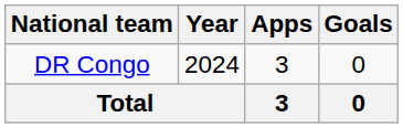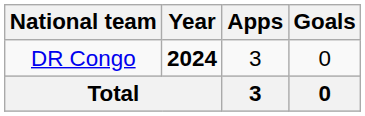 <table class="wikitable" style="text-align: center;">
 <tr>
 <th>National team</th>
 <th>Year</th>
 <th>Apps</th>
 <th>Goals</th>
 </tr>
 <tr>
 <td><a href='#'>DR Congo</a></td>
-<td>2024</td>
+<td><strong>2024</strong></td>
 <td>3</td>
 <td>0</td>
 </tr>
 <tr>
 <th colspan="2">Total</th>
 <th>3</th>
 <th>0</th>
 </tr>
 </table>
